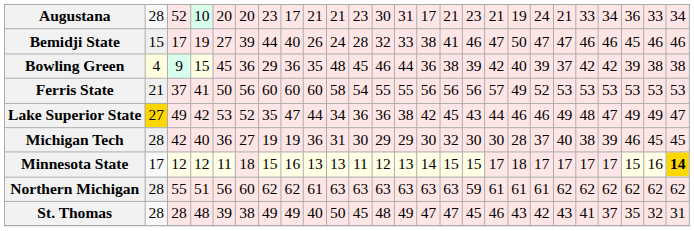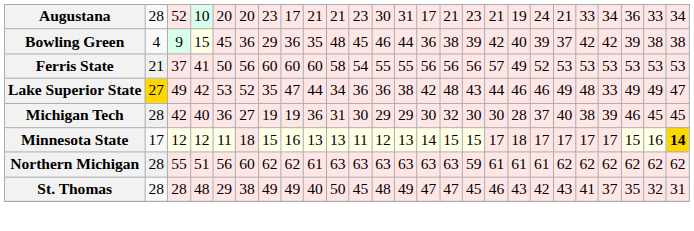 <table class="wikitable sortable" style="text-align: center;">
 <tr>
 </tr>
 <tr>
 <th>Augustana</th>
 <td>28</td>
 <td bgcolor=FFE6E6>52</td>
 <td bgcolor=D8FFEB>10</td>
 <td bgcolor=FFE6E6>20</td>
 <td bgcolor=FFE6E6>20</td>
 <td bgcolor=FFE6E6>23</td>
 <td bgcolor=FFE6E6>17</td>
 <td bgcolor=FFE6E6>21</td>
 <td bgcolor=FFE6E6>21</td>
 <td bgcolor=FFE6E6>23</td>
 <td bgcolor=FFE6E6>30</td>
 <td bgcolor=FFE6E6>31</td>
 <td bgcolor=FFE6E6>17</td>
 <td bgcolor=FFE6E6>21</td>
 <td bgcolor=FFE6E6>23</td>
 <td bgcolor=FFE6E6>21</td>
 <td bgcolor=FFE6E6>19</td>
 <td bgcolor=FFE6E6>24</td>
 <td bgcolor=FFE6E6>21</td>
 <td bgcolor=FFE6E6>33</td>
 <td bgcolor=FFE6E6>34</td>
 <td bgcolor=FFE6E6>36</td>
 <td bgcolor=FFE6E6>33</td>
 <td bgcolor=FFE6E6>34</td>
 </tr>
-<tr bgcolor=f0f0f0>
-<th>Bemidji State</th>
-<td>15</td>
-<td bgcolor=FFE6E6>17</td>
-<td bgcolor=FFE6E6>19</td>
-<td bgcolor=FFE6E6>27</td>
-<td bgcolor=FFE6E6>39</td>
-<td bgcolor=FFE6E6>44</td>
-<td bgcolor=FFE6E6>40</td>
-<td bgcolor=FFE6E6>26</td>
-<td bgcolor=FFE6E6>24</td>
-<td bgcolor=FFE6E6>28</td>
-<td bgcolor=FFE6E6>32</td>
-<td bgcolor=FFE6E6>33</td>
-<td bgcolor=FFE6E6>38</td>
-<td bgcolor=FFE6E6>41</td>
-<td bgcolor=FFE6E6>46</td>
-<td bgcolor=FFE6E6>47</td>
-<td bgcolor=FFE6E6>50</td>
-<td bgcolor=FFE6E6>47</td>
-<td bgcolor=FFE6E6>47</td>
-<td bgcolor=FFE6E6>46</td>
-<td bgcolor=FFE6E6>46</td>
-<td bgcolor=FFE6E6>45</td>
-<td bgcolor=FFE6E6>46</td>
-<td bgcolor=FFE6E6>46</td>
-</tr>
 <tr>
 <th>Bowling Green</th>
-<td style="background: lightyellow;">4</td>
+<td>4</td>
 <td bgcolor=D8FFEB>9</td>
 <td bgcolor=FFFFE6>15</td>
 <td bgcolor=FFE6E6>45</td>
 <td bgcolor=FFE6E6>36</td>
 <td bgcolor=FFE6E6>29</td>
 <td bgcolor=FFE6E6>36</td>
 <td bgcolor=FFE6E6>35</td>
 <td bgcolor=FFE6E6>48</td>
 <td bgcolor=FFE6E6>45</td>
 <td bgcolor=FFE6E6>46</td>
 <td bgcolor=FFE6E6>44</td>
 <td bgcolor=FFE6E6>36</td>
 <td bgcolor=FFE6E6>38</td>
 <td bgcolor=FFE6E6>39</td>
 <td bgcolor=FFE6E6>42</td>
 <td bgcolor=FFE6E6>40</td>
 <td bgcolor=FFE6E6>39</td>
 <td bgcolor=FFE6E6>37</td>
 <td bgcolor=FFE6E6>42</td>
 <td bgcolor=FFE6E6>42</td>
 <td bgcolor=FFE6E6>39</td>
 <td bgcolor=FFE6E6>38</td>
 <td bgcolor=FFE6E6>38</td>
 </tr>
 <tr bgcolor=f0f0f0>
 <th>Ferris State</th>
 <td>21</td>
 <td bgcolor=FFE6E6>37</td>
 <td bgcolor=FFE6E6>41</td>
 <td bgcolor=FFE6E6>50</td>
 <td bgcolor=FFE6E6>56</td>
 <td bgcolor=FFE6E6>60</td>
 <td bgcolor=FFE6E6>60</td>
 <td bgcolor=FFE6E6>60</td>
 <td bgcolor=FFE6E6>58</td>
 <td bgcolor=FFE6E6>54</td>
 <td bgcolor=FFE6E6>55</td>
 <td bgcolor=FFE6E6>55</td>
 <td bgcolor=FFE6E6>56</td>
 <td bgcolor=FFE6E6>56</td>
 <td bgcolor=FFE6E6>56</td>
 <td bgcolor=FFE6E6>57</td>
 <td bgcolor=FFE6E6>49</td>
 <td bgcolor=FFE6E6>52</td>
 <td bgcolor=FFE6E6>53</td>
 <td bgcolor=FFE6E6>53</td>
 <td bgcolor=FFE6E6>53</td>
 <td bgcolor=FFE6E6>53</td>
 <td bgcolor=FFE6E6>53</td>
 <td bgcolor=FFE6E6>53</td>
 </tr>
 <tr>
 <th>Lake Superior State</th>
 <td style="background: gold;">27</td>
 <td bgcolor=FFE6E6>49</td>
 <td bgcolor=FFE6E6>42</td>
 <td bgcolor=FFE6E6>53</td>
 <td bgcolor=FFE6E6>52</td>
 <td bgcolor=FFE6E6>35</td>
 <td bgcolor=FFE6E6>47</td>
 <td bgcolor=FFE6E6>44</td>
 <td bgcolor=FFE6E6>34</td>
 <td bgcolor=FFE6E6>36</td>
 <td bgcolor=FFE6E6>36</td>
 <td bgcolor=FFE6E6>38</td>
 <td bgcolor=FFE6E6>42</td>
-<td bgcolor=FFE6E6>45</td>
+<td bgcolor=FFE6E6>48</td>
 <td bgcolor=FFE6E6>43</td>
 <td bgcolor=FFE6E6>44</td>
 <td bgcolor=FFE6E6>46</td>
 <td bgcolor=FFE6E6>46</td>
 <td bgcolor=FFE6E6>49</td>
 <td bgcolor=FFE6E6>48</td>
-<td bgcolor=FFE6E6>47</td>
+<td bgcolor=FFE6E6>33</td>
 <td bgcolor=FFE6E6>49</td>
 <td bgcolor=FFE6E6>49</td>
 <td bgcolor=FFE6E6>47</td>
 </tr>
 <tr bgcolor=f0f0f0>
 <th>Michigan Tech</th>
 <td>28</td>
 <td bgcolor=FFE6E6>42</td>
 <td bgcolor=FFE6E6>40</td>
 <td bgcolor=FFE6E6>36</td>
 <td bgcolor=FFE6E6>27</td>
 <td bgcolor=FFE6E6>19</td>
 <td bgcolor=FFE6E6>19</td>
 <td bgcolor=FFE6E6>36</td>
 <td bgcolor=FFE6E6>31</td>
 <td bgcolor=FFE6E6>30</td>
 <td bgcolor=FFE6E6>29</td>
 <td bgcolor=FFE6E6>29</td>
 <td bgcolor=FFE6E6>30</td>
 <td bgcolor=FFE6E6>32</td>
 <td bgcolor=FFE6E6>30</td>
 <td bgcolor=FFE6E6>30</td>
 <td bgcolor=FFE6E6>28</td>
 <td bgcolor=FFE6E6>37</td>
 <td bgcolor=FFE6E6>40</td>
 <td bgcolor=FFE6E6>38</td>
 <td bgcolor=FFE6E6>39</td>
 <td bgcolor=FFE6E6>46</td>
 <td bgcolor=FFE6E6>45</td>
 <td bgcolor=FFE6E6>45</td>
 </tr>
 <tr>
 <th>Minnesota State</th>
 <td>17</td>
 <td bgcolor=FFFFE6>12</td>
 <td bgcolor=FFFFE6>12</td>
 <td bgcolor=FFFFE6>11</td>
 <td bgcolor=FFE6E6>18</td>
 <td bgcolor=FFFFE6>15</td>
 <td bgcolor=FFFFE6>16</td>
 <td bgcolor=FFFFE6>13</td>
 <td bgcolor=FFFFE6>13</td>
 <td bgcolor=FFFFE6>11</td>
 <td bgcolor=FFFFE6>12</td>
 <td bgcolor=FFFFE6>13</td>
 <td bgcolor=FFFFE6>14</td>
 <td bgcolor=FFFFE6>15</td>
 <td bgcolor=FFFFE6>15</td>
 <td bgcolor=FFE6E6>17</td>
 <td bgcolor=FFE6E6>18</td>
 <td bgcolor=FFE6E6>17</td>
 <td bgcolor=FFE6E6>17</td>
 <td bgcolor=FFE6E6>17</td>
 <td bgcolor=FFE6E6>17</td>
 <td bgcolor=FFFFE6>15</td>
 <td bgcolor=FFFFE6>16</td>
 <td bgcolor=gold><strong>14</strong></td>
 </tr>
 <tr bgcolor=f0f0f0>
 <th>Northern Michigan</th>
 <td>28</td>
 <td bgcolor=FFE6E6>55</td>
 <td bgcolor=FFE6E6>51</td>
 <td bgcolor=FFE6E6>56</td>
 <td bgcolor=FFE6E6>60</td>
 <td bgcolor=FFE6E6>62</td>
 <td bgcolor=FFE6E6>62</td>
 <td bgcolor=FFE6E6>61</td>
 <td bgcolor=FFE6E6>63</td>
 <td bgcolor=FFE6E6>63</td>
 <td bgcolor=FFE6E6>63</td>
 <td bgcolor=FFE6E6>63</td>
 <td bgcolor=FFE6E6>63</td>
 <td bgcolor=FFE6E6>63</td>
 <td bgcolor=FFE6E6>59</td>
 <td bgcolor=FFE6E6>61</td>
 <td bgcolor=FFE6E6>61</td>
 <td bgcolor=FFE6E6>61</td>
 <td bgcolor=FFE6E6>62</td>
 <td bgcolor=FFE6E6>62</td>
 <td bgcolor=FFE6E6>62</td>
 <td bgcolor=FFE6E6>62</td>
 <td bgcolor=FFE6E6>62</td>
 <td bgcolor=FFE6E6>62</td>
 </tr>
 <tr>
 <th>St. Thomas</th>
 <td>28</td>
 <td bgcolor=FFE6E6>28</td>
 <td bgcolor=FFE6E6>48</td>
-<td bgcolor=FFE6E6>39</td>
+<td bgcolor=FFE6E6>29</td>
 <td bgcolor=FFE6E6>38</td>
 <td bgcolor=FFE6E6>49</td>
 <td bgcolor=FFE6E6>49</td>
 <td bgcolor=FFE6E6>40</td>
 <td bgcolor=FFE6E6>50</td>
 <td bgcolor=FFE6E6>45</td>
 <td bgcolor=FFE6E6>48</td>
 <td bgcolor=FFE6E6>49</td>
 <td bgcolor=FFE6E6>47</td>
 <td bgcolor=FFE6E6>47</td>
 <td bgcolor=FFE6E6>45</td>
 <td bgcolor=FFE6E6>46</td>
 <td bgcolor=FFE6E6>43</td>
 <td bgcolor=FFE6E6>42</td>
 <td bgcolor=FFE6E6>43</td>
 <td bgcolor=FFE6E6>41</td>
 <td bgcolor=FFE6E6>37</td>
 <td bgcolor=FFE6E6>35</td>
 <td bgcolor=FFE6E6>32</td>
 <td bgcolor=FFE6E6>31</td>
 </tr>
 <tr>
 </tr>
 </table>
